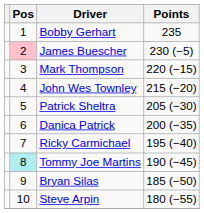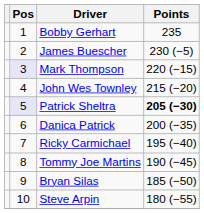 <table class="wikitable" style="font-size: 95%;">
 <tr>
 <th></th>
 <th>Pos</th>
 <th>Driver</th>
 <th>Points</th>
 </tr>
 <tr>
 <td align="left"></td>
 <td style="text-align:center;">1</td>
 <td><a href='#'>Bobby Gerhart</a></td>
 <td style="text-align:center;">235</td>
 </tr>
 <tr>
 <td align="left"></td>
-<td style="background: pink; text-align:center;">2</td>
+<td style="text-align:center;">2</td>
 <td><a href='#'>James Buescher</a></td>
 <td style="text-align:center;">230 (−5)</td>
 </tr>
 <tr>
 <td align="left"></td>
-<td style="text-align:center;">3</td>
+<td style="background: lavender; text-align:center;">3</td>
 <td><a href='#'>Mark Thompson</a></td>
 <td style="text-align:center;">220 (−15)</td>
 </tr>
 <tr>
 <td align="left"></td>
 <td style="text-align:center;">4</td>
 <td><a href='#'>John Wes Townley</a></td>
 <td style="text-align:center;">215 (−20)</td>
 </tr>
 <tr>
 <td align="left"></td>
-<td style="text-align:center;">5</td>
+<td style="background: lavender; text-align:center;">5</td>
 <td><a href='#'>Patrick Sheltra</a></td>
-<td style="text-align:center;">205 (−30)</td>
+<td style="text-align:center;"><strong>205 (−30)</strong></td>
 </tr>
 <tr>
 <td align="left"></td>
 <td style="text-align:center;">6</td>
 <td><a href='#'>Danica Patrick</a></td>
 <td style="text-align:center;">200 (−35)</td>
 </tr>
 <tr>
 <td align="left"></td>
 <td style="text-align:center;">7</td>
 <td><a href='#'>Ricky Carmichael</a></td>
 <td style="text-align:center;">195 (−40)</td>
 </tr>
 <tr>
 <td align="left"></td>
-<td style="background: paleturquoise; text-align:center;">8</td>
+<td style="text-align:center;">8</td>
 <td><a href='#'>Tommy Joe Martins</a></td>
 <td style="text-align:center;">190 (−45)</td>
 </tr>
 <tr>
 <td align="left"></td>
 <td style="text-align:center;">9</td>
 <td><a href='#'>Bryan Silas</a></td>
 <td style="text-align:center;">185 (−50)</td>
 </tr>
 <tr>
 <td align="left"></td>
 <td style="text-align:center;">10</td>
 <td><a href='#'>Steve Arpin</a></td>
 <td style="text-align:center;">180 (−55)</td>
 </tr>
 <tr class="sortbottom">
 </tr>
 </table>
